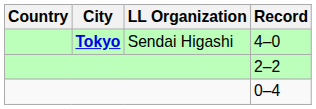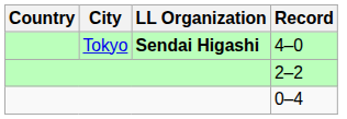 <table class="wikitable">
 <tr>
 <th>Country</th>
 <th>City</th>
 <th>LL Organization</th>
 <th>Record</th>
 </tr>
 <tr bgcolor=#bbffbb>
 <td><strong></strong></td>
-<td><strong><a href='#'>Tokyo</a></strong></td>
-<td>Sendai Higashi</td>
+<td><a href='#'>Tokyo</a></td>
+<td><strong>Sendai Higashi</strong></td>
 <td>4–0</td>
 </tr>
 <tr bgcolor=#bbffbb>
 <td colspan=3><strong></strong></td>
 <td>2–2</td>
 </tr>
 <tr>
 <td colspan=3><strong></strong></td>
 <td>0–4</td>
 </tr>
 </table>
